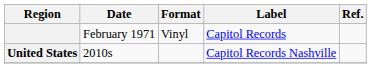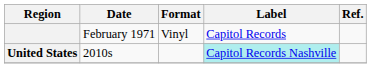 <table class="wikitable plainrowheaders">
 <tr>
 <th scope="col">Region</th>
 <th scope="col">Date</th>
 <th scope="col">Format</th>
 <th scope="col">Label</th>
 <th scope="col">Ref.</th>
 </tr>
 <tr>
 <th scope="row"></th>
 <td>February 1971</td>
 <td>Vinyl</td>
 <td><a href='#'>Capitol Records</a></td>
 <td></td>
 </tr>
 <tr>
 <th scope="row">United States</th>
 <td>2010s</td>
 <td></td>
-<td><a href='#'>Capitol Records Nashville</a></td>
+<td style="background: paleturquoise;"><a href='#'>Capitol Records Nashville</a></td>
 <td></td>
 </tr>
 <tr>
 </tr>
 </table>
